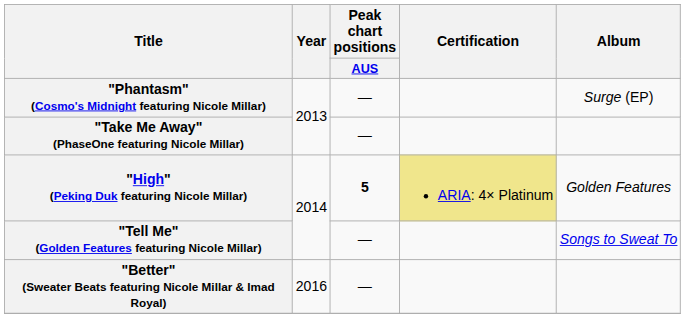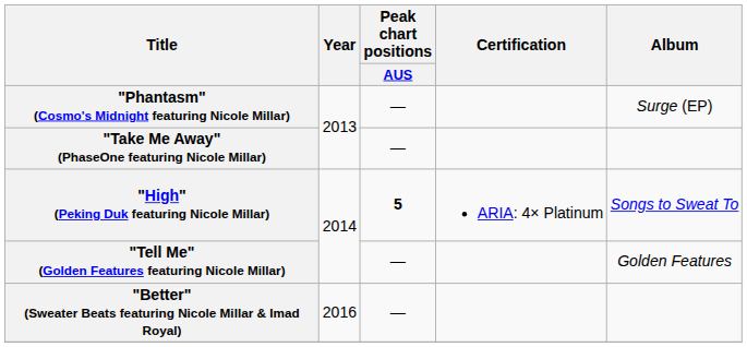 <table class="wikitable plainrowheaders" style="text-align:center">
 <tr>
 <th scope="col" rowspan="2" style="width:20em;">Title</th>
 <th scope="col" rowspan="2">Year</th>
 <th scope="col" colspan="1">Peak chart positions</th>
 <th scope="col" rowspan="2">Certification</th>
 <th scope="col" rowspan="2">Album</th>
 </tr>
 <tr>
 <th scope="col" style="width:3em;font-size:90%;"><a href='#'>AUS</a><br></th>
 </tr>
 <tr>
 <th scope="row">"Phantasm" <br><small>(<a href='#'>Cosmo's Midnight</a> featuring Nicole Millar)</small></th>
 <td rowspan="2">2013</td>
 <td>—</td>
 <td></td>
 <td><em>Surge</em> (EP)</td>
 </tr>
 <tr>
 <th scope="row">"Take Me Away" <br><small>(PhaseOne featuring Nicole Millar)</small></th>
 <td>—</td>
 <td></td>
 <td></td>
 </tr>
 <tr>
 <th scope="row">"<a href='#'>High</a>" <br><small>(<a href='#'>Peking Duk</a> featuring Nicole Millar)</small></th>
 <td rowspan="2">2014</td>
 <td><strong>5</strong></td>
-<td style="background: khaki;"><br><ul><li><a href='#'>ARIA</a>: 4× Platinum</li></ul></td>
-<td><em>Golden Features</em></td>
+<td><br><ul><li><a href='#'>ARIA</a>: 4× Platinum</li></ul></td>
+<td><em><a href='#'>Songs to Sweat To</a></em></td>
 </tr>
 <tr>
 <th scope="row">"Tell Me" <br><small>(<a href='#'>Golden Features</a> featuring Nicole Millar)</small></th>
 <td>—</td>
 <td></td>
-<td><em><a href='#'>Songs to Sweat To</a></em></td>
+<td><em>Golden Features</em></td>
 </tr>
 <tr>
 <th scope="row">"Better" <br><small>(Sweater Beats featuring Nicole Millar & Imad Royal)</small></th>
 <td>2016</td>
 <td>—</td>
 <td></td>
 <td></td>
 </tr>
 <tr>
 </tr>
 </table>
